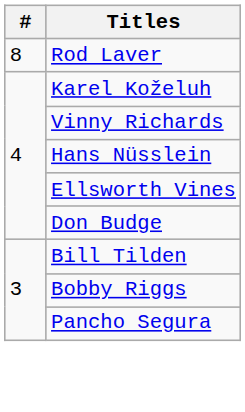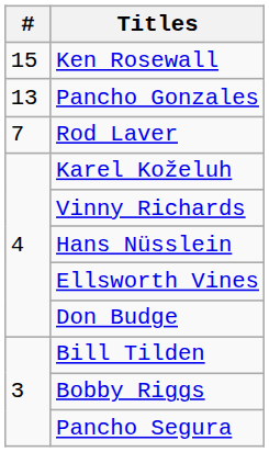 <table class=wikitable style="display:inline-table;">
 <tr>
 <th width=20>#</th>
 <th>Titles</th>
 </tr>
 <tr>
-<td>8</td>
+<td>15</td>
+<td> <a href='#'>Ken Rosewall</a></td>
+</tr>
+<tr>
+<td>13</td>
+<td> <a href='#'>Pancho Gonzales</a></td>
+</tr>
+<tr>
+<td>7</td>
 <td> <a href='#'>Rod Laver</a></td>
 </tr>
 <tr>
 <td rowspan="5">4</td>
 <td> <a href='#'>Karel Koželuh</a></td>
 </tr>
 <tr>
 <td> <a href='#'>Vinny Richards</a></td>
 </tr>
 <tr>
 <td> <a href='#'>Hans Nüsslein</a></td>
 </tr>
 <tr>
 <td> <a href='#'>Ellsworth Vines</a></td>
 </tr>
 <tr>
 <td> <a href='#'>Don Budge</a></td>
 </tr>
 <tr>
 <td rowspan="3">3</td>
 <td> <a href='#'>Bill Tilden</a></td>
 </tr>
 <tr>
 <td> <a href='#'>Bobby Riggs</a></td>
 </tr>
 <tr>
 <td> <a href='#'>Pancho Segura</a></td>
 </tr>
 </table>
